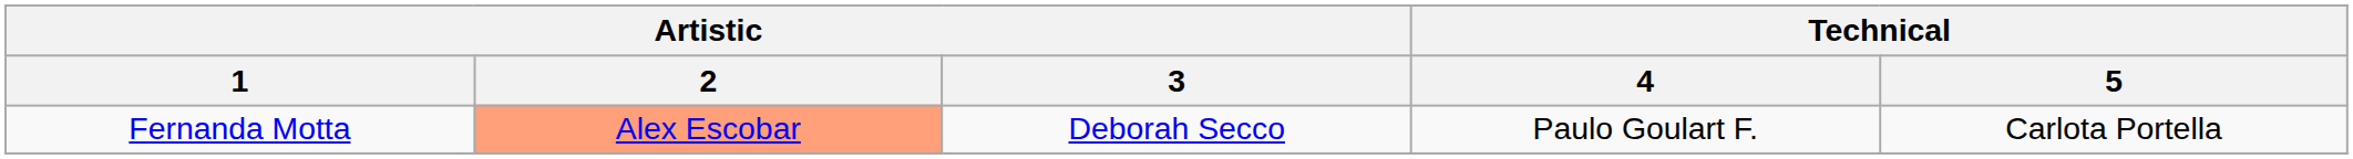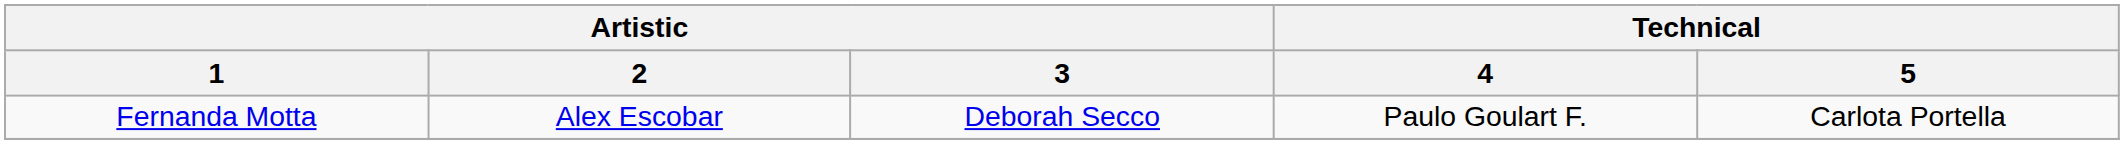 <table class="wikitable" style="font-size:90%; line-height:16px; text-align:center" width="85%">
 <tr>
 <th colspan=3>Artistic</th>
 <th colspan=2>Technical</th>
 </tr>
 <tr>
 <th>1</th>
 <th>2</th>
 <th>3</th>
 <th>4</th>
 <th>5</th>
 </tr>
 <tr>
 <td width=150><a href='#'>Fernanda Motta</a></td>
-<td width=150 style="background: lightsalmon;"><a href='#'>Alex Escobar</a></td>
+<td width=150><a href='#'>Alex Escobar</a></td>
 <td width=150><a href='#'>Deborah Secco</a></td>
 <td width=150>Paulo Goulart F.</td>
 <td width=150>Carlota Portella</td>
 </tr>
 <tr>
 </tr>
 </table>
